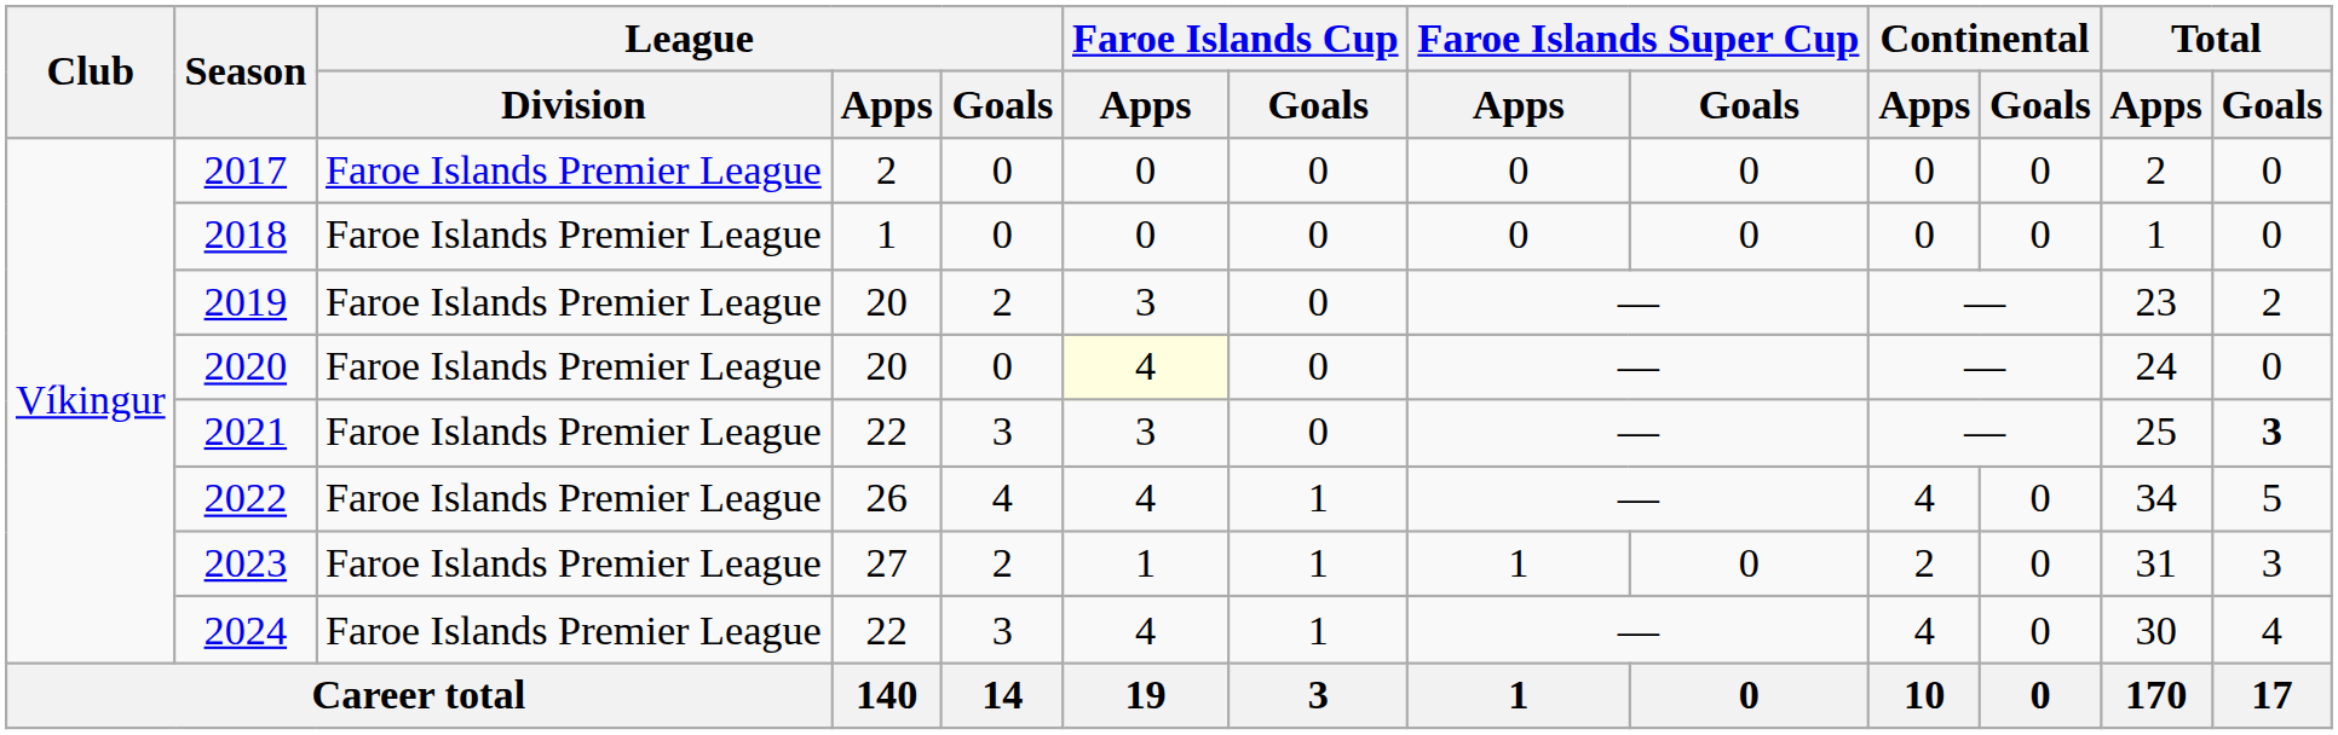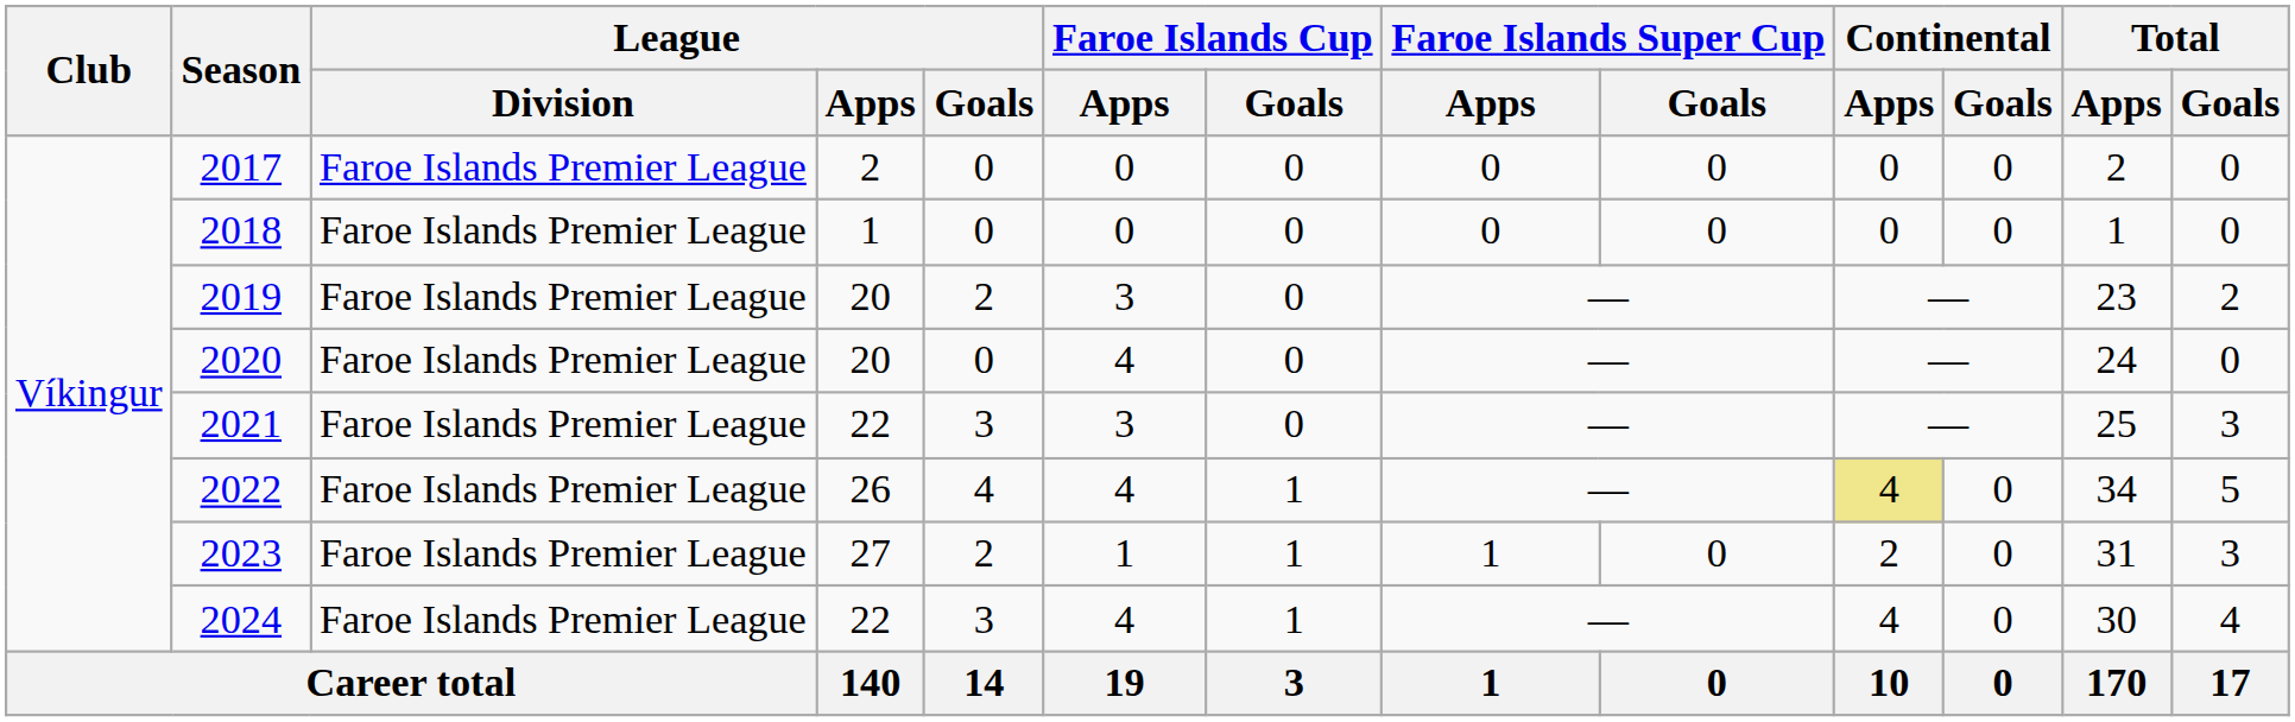 <table class="wikitable" style="text-align: center;">
 <tr>
 <th rowspan="2">Club</th>
 <th rowspan="2">Season</th>
 <th colspan="3">League</th>
 <th colspan="2"><a href='#'>Faroe Islands Cup</a></th>
 <th colspan="2"><a href='#'>Faroe Islands Super Cup</a></th>
 <th colspan="2">Continental</th>
 <th colspan="2">Total</th>
 </tr>
 <tr>
 <th>Division</th>
 <th>Apps</th>
 <th>Goals</th>
 <th>Apps</th>
 <th>Goals</th>
 <th>Apps</th>
 <th>Goals</th>
 <th>Apps</th>
 <th>Goals</th>
 <th>Apps</th>
 <th>Goals</th>
 </tr>
 <tr>
 <td rowspan="8"><a href='#'>Víkingur</a></td>
 <td><a href='#'>2017</a></td>
 <td><a href='#'>Faroe Islands Premier League</a></td>
 <td>2</td>
 <td>0</td>
 <td>0</td>
 <td>0</td>
 <td>0</td>
 <td>0</td>
 <td>0</td>
 <td>0</td>
 <td>2</td>
 <td>0</td>
 </tr>
 <tr>
 <td><a href='#'>2018</a></td>
 <td>Faroe Islands Premier League</td>
 <td>1</td>
 <td>0</td>
 <td>0</td>
 <td>0</td>
 <td>0</td>
 <td>0</td>
 <td>0</td>
 <td>0</td>
 <td>1</td>
 <td>0</td>
 </tr>
 <tr>
 <td><a href='#'>2019</a></td>
 <td>Faroe Islands Premier League</td>
 <td>20</td>
 <td>2</td>
 <td>3</td>
 <td>0</td>
 <td colspan="2">—</td>
 <td colspan="2">—</td>
 <td>23</td>
 <td>2</td>
 </tr>
 <tr>
 <td><a href='#'>2020</a></td>
 <td>Faroe Islands Premier League</td>
 <td>20</td>
 <td>0</td>
-<td style="background: lightyellow;">4</td>
+<td>4</td>
 <td>0</td>
 <td colspan="2">—</td>
 <td colspan="2">—</td>
 <td>24</td>
 <td>0</td>
 </tr>
 <tr>
 <td><a href='#'>2021</a></td>
 <td>Faroe Islands Premier League</td>
 <td>22</td>
 <td>3</td>
 <td>3</td>
 <td>0</td>
 <td colspan="2">—</td>
 <td colspan="2">—</td>
 <td>25</td>
-<td><strong>3</strong></td>
+<td>3</td>
 </tr>
 <tr>
 <td><a href='#'>2022</a></td>
 <td>Faroe Islands Premier League</td>
 <td>26</td>
 <td>4</td>
 <td>4</td>
 <td>1</td>
 <td colspan="2">—</td>
-<td>4</td>
+<td style="background: khaki;">4</td>
 <td>0</td>
 <td>34</td>
 <td>5</td>
 </tr>
 <tr>
 <td><a href='#'>2023</a></td>
 <td>Faroe Islands Premier League</td>
 <td>27</td>
 <td>2</td>
 <td>1</td>
 <td>1</td>
 <td>1</td>
 <td>0</td>
 <td>2</td>
 <td>0</td>
 <td>31</td>
 <td>3</td>
 </tr>
 <tr>
 <td><a href='#'>2024</a></td>
 <td>Faroe Islands Premier League</td>
 <td>22</td>
 <td>3</td>
 <td>4</td>
 <td>1</td>
 <td colspan="2">—</td>
 <td>4</td>
 <td>0</td>
 <td>30</td>
 <td>4</td>
 </tr>
 <tr>
 <th colspan="3">Career total</th>
 <th>140</th>
 <th>14</th>
 <th>19</th>
 <th>3</th>
 <th>1</th>
 <th>0</th>
 <th>10</th>
 <th>0</th>
 <th>170</th>
 <th>17</th>
 </tr>
 </table>
